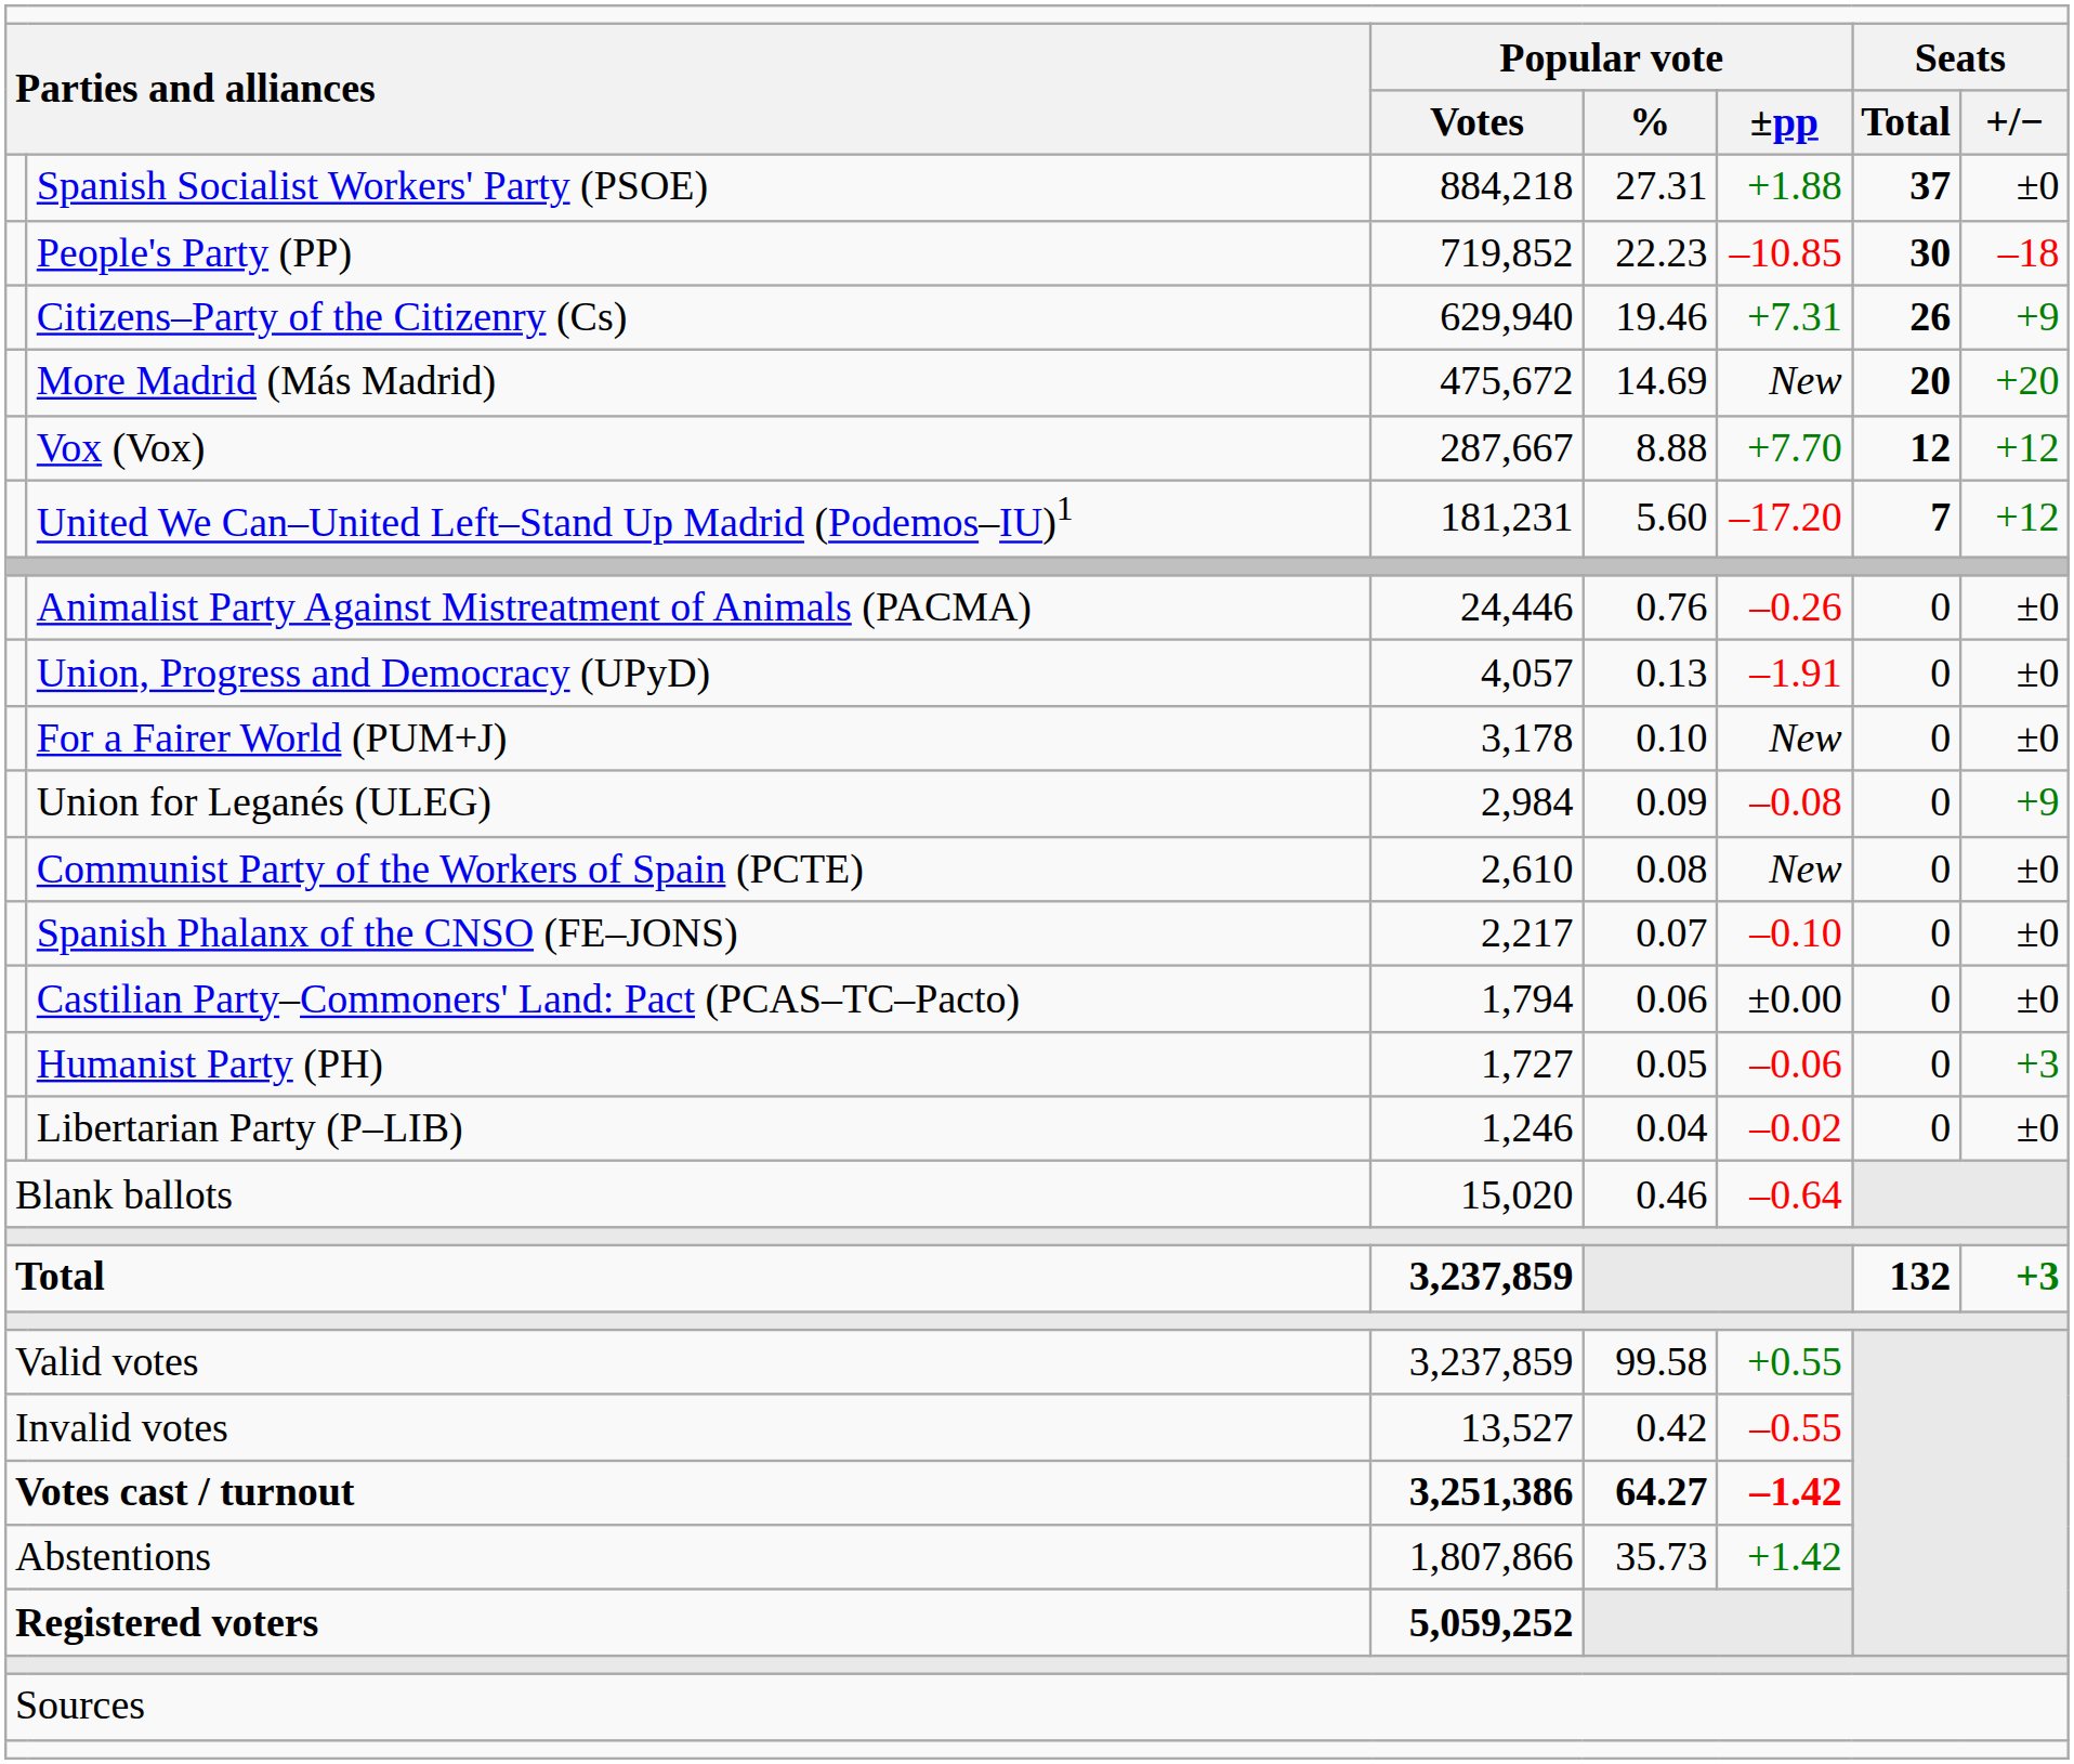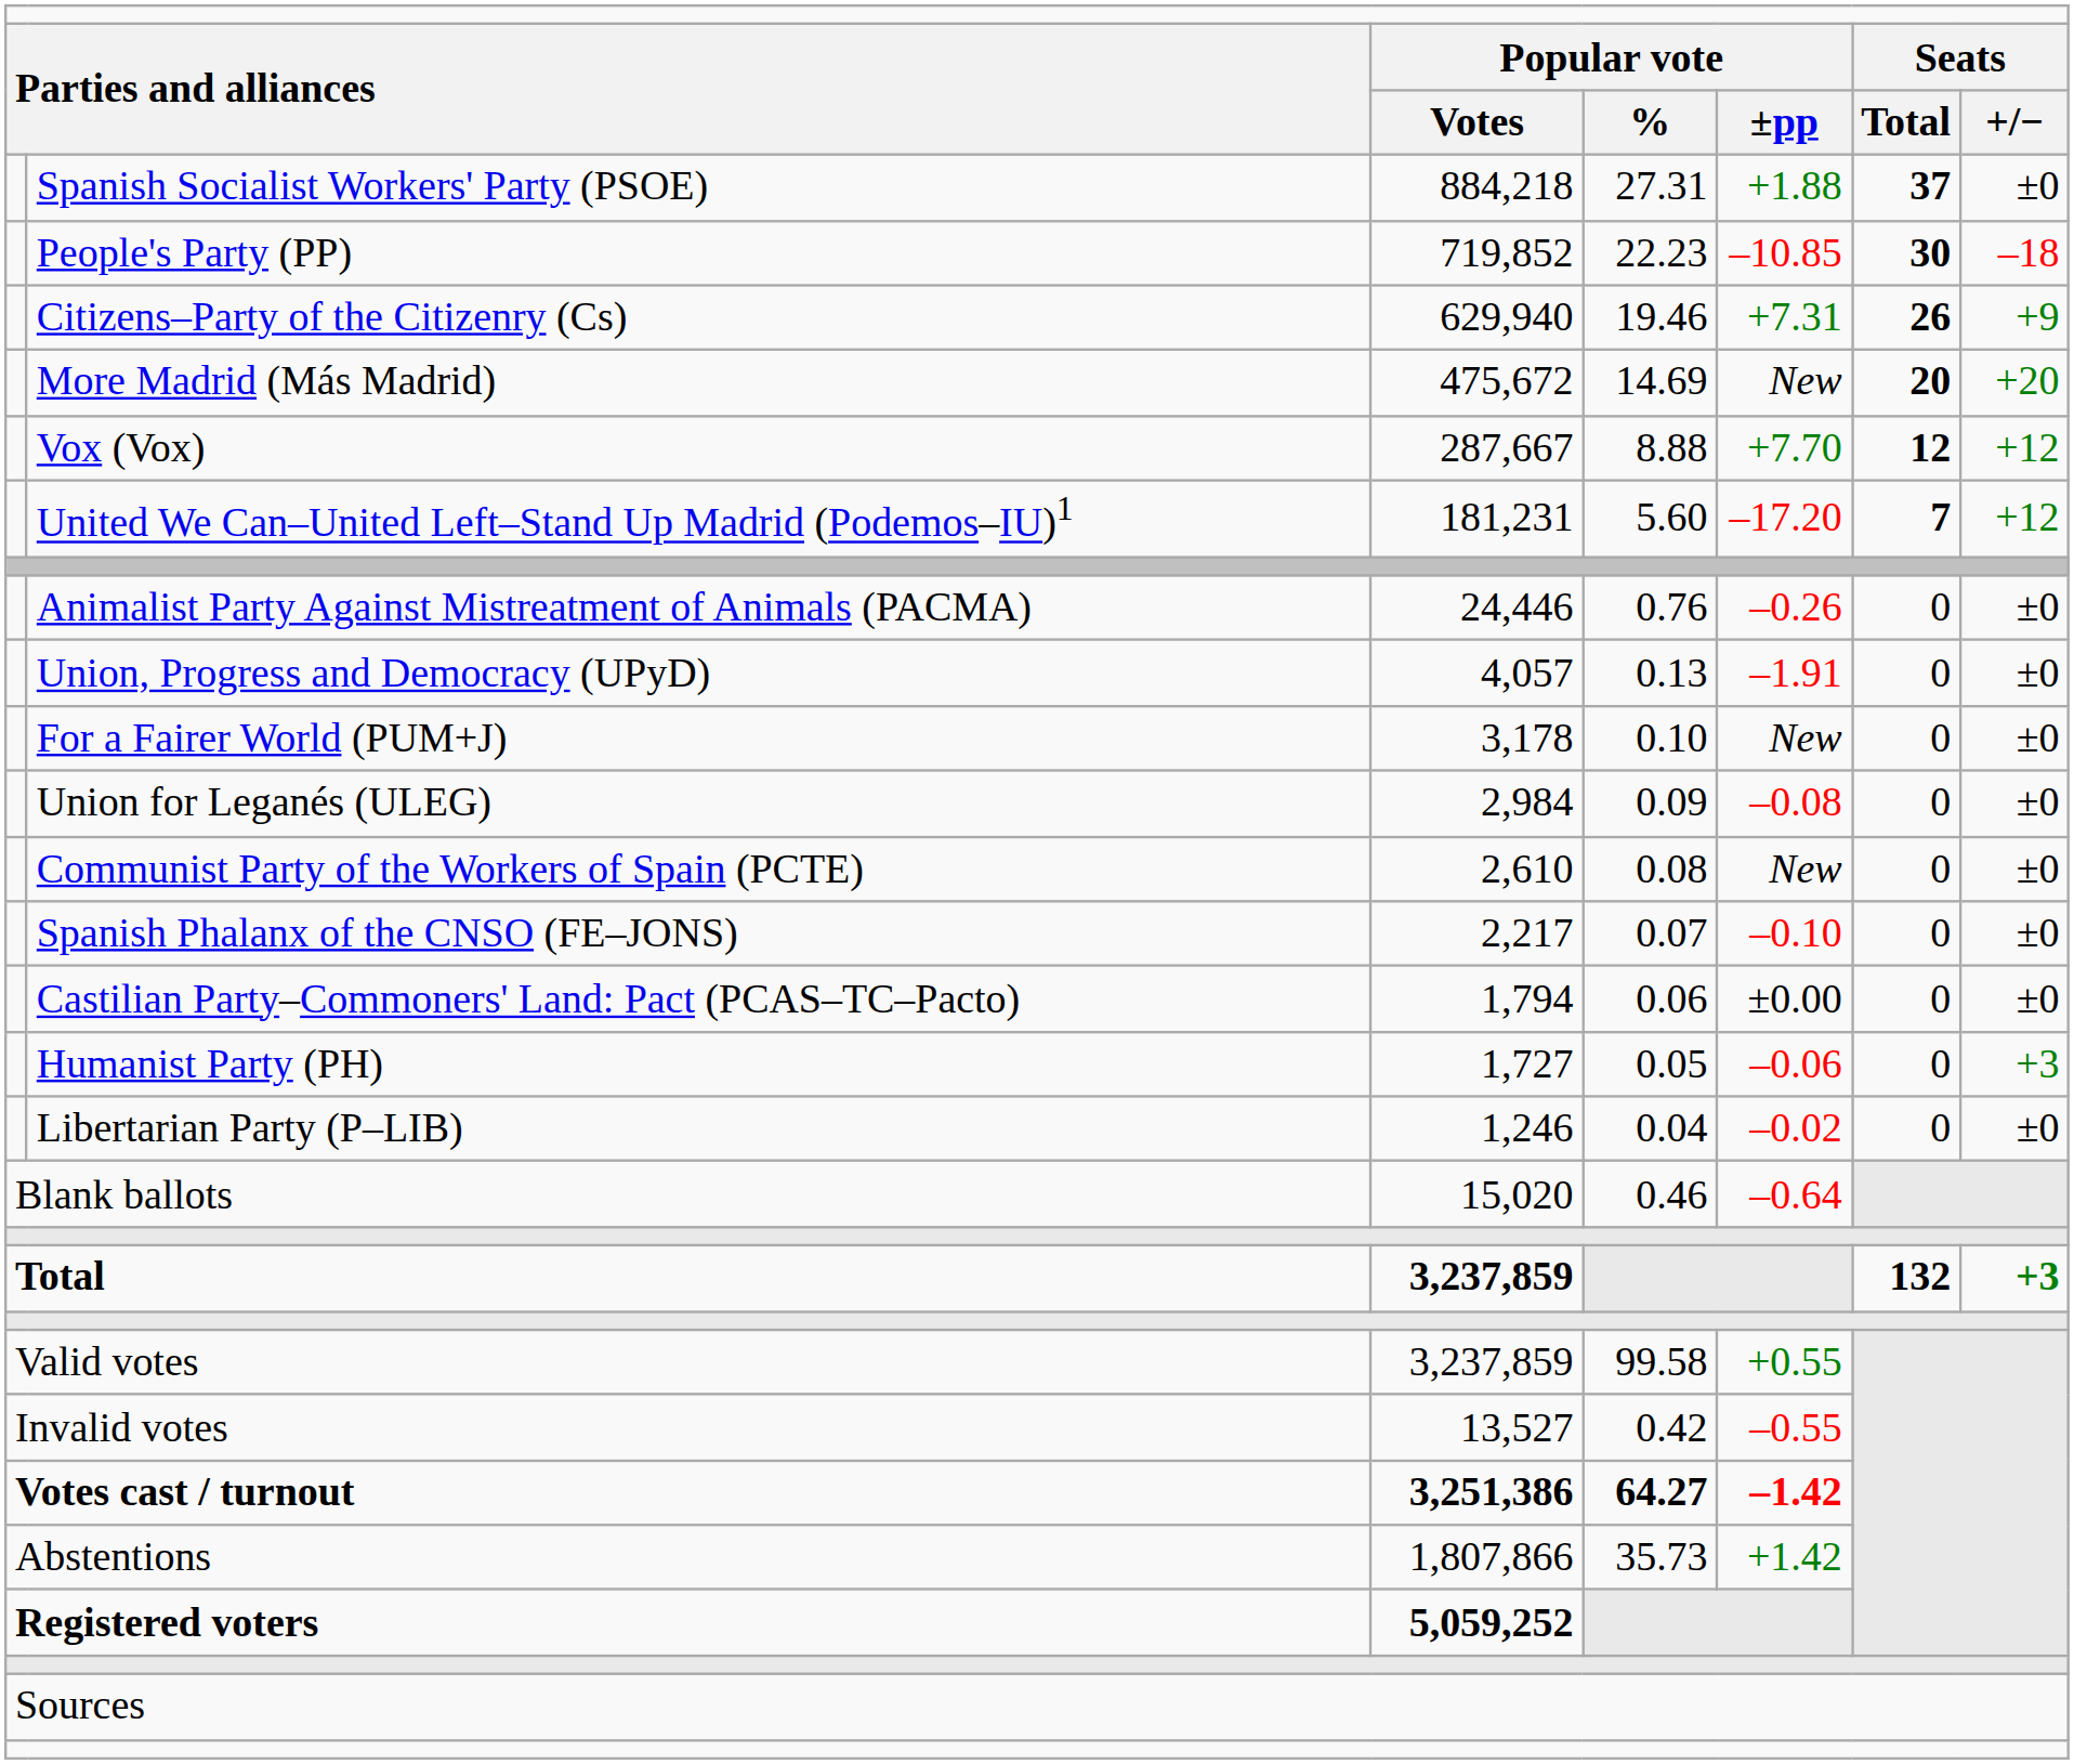 <table class="wikitable" style="text-align:right;">
 <tr>
 <td colspan="7"></td>
 </tr>
 <tr>
 <th style="text-align:left;" rowspan="2" colspan="2" width="525">Parties and alliances</th>
 <th colspan="3">Popular vote</th>
 <th colspan="2">Seats</th>
 </tr>
 <tr>
 <th width="75">Votes</th>
 <th width="45">%</th>
 <th width="45">±<a href='#'>pp</a></th>
 <th width="35">Total</th>
 <th width="35">+/−</th>
 </tr>
 <tr>
 <td width="1" style="color:inherit;background:"></td>
 <td align="left"><a href='#'>Spanish Socialist Workers' Party</a> (PSOE)</td>
 <td>884,218</td>
 <td>27.31</td>
 <td style="color:green;">+1.88</td>
 <td><strong>37</strong></td>
 <td>±0</td>
 </tr>
 <tr>
 <td style="color:inherit;background:"></td>
 <td align="left"><a href='#'>People's Party</a> (PP)</td>
 <td>719,852</td>
 <td>22.23</td>
 <td style="color:red;">–10.85</td>
 <td><strong>30</strong></td>
 <td style="color:red;">–18</td>
 </tr>
 <tr>
 <td style="color:inherit;background:"></td>
 <td align="left"><a href='#'>Citizens–Party of the Citizenry</a> (Cs)</td>
 <td>629,940</td>
 <td>19.46</td>
 <td style="color:green;">+7.31</td>
 <td><strong>26</strong></td>
 <td style="color:green;">+9</td>
 </tr>
 <tr>
 <td style="color:inherit;background:"></td>
 <td align="left"><a href='#'>More Madrid</a> (Más Madrid)</td>
 <td>475,672</td>
 <td>14.69</td>
 <td><em>New</em></td>
 <td><strong>20</strong></td>
 <td style="color:green;">+20</td>
 </tr>
 <tr>
 <td style="color:inherit;background:"></td>
 <td align="left"><a href='#'>Vox</a> (Vox)</td>
 <td>287,667</td>
 <td>8.88</td>
 <td style="color:green;">+7.70</td>
 <td><strong>12</strong></td>
 <td style="color:green;">+12</td>
 </tr>
 <tr>
 <td style="color:inherit;background:"></td>
 <td align="left"><a href='#'>United We Can–United Left–Stand Up Madrid</a> (<a href='#'>Podemos</a>–<a href='#'>IU</a>)<sup>1</sup></td>
 <td>181,231</td>
 <td>5.60</td>
 <td style="color:red;">–17.20</td>
 <td><strong>7</strong></td>
 <td style="color:green;">+12</td>
 </tr>
 <tr>
 <td colspan="7" bgcolor="#C0C0C0"></td>
 </tr>
 <tr>
 <td style="color:inherit;background:"></td>
 <td align="left"><a href='#'>Animalist Party Against Mistreatment of Animals</a> (PACMA)</td>
 <td>24,446</td>
 <td>0.76</td>
 <td style="color:red;">–0.26</td>
 <td>0</td>
 <td>±0</td>
 </tr>
 <tr>
 <td style="color:inherit;background:"></td>
 <td align="left"><a href='#'>Union, Progress and Democracy</a> (UPyD)</td>
 <td>4,057</td>
 <td>0.13</td>
 <td style="color:red;">–1.91</td>
 <td>0</td>
 <td>±0</td>
 </tr>
 <tr>
 <td style="color:inherit;background:"></td>
 <td align="left"><a href='#'>For a Fairer World</a> (PUM+J)</td>
 <td>3,178</td>
 <td>0.10</td>
 <td><em>New</em></td>
 <td>0</td>
 <td>±0</td>
 </tr>
 <tr>
 <td style="color:inherit;background:"></td>
 <td align="left">Union for Leganés (ULEG)</td>
 <td>2,984</td>
 <td>0.09</td>
 <td style="color:red;">–0.08</td>
 <td>0</td>
-<td style="color:green;">+9</td>
+<td>±0</td>
 </tr>
 <tr>
 <td style="color:inherit;background:"></td>
 <td align="left"><a href='#'>Communist Party of the Workers of Spain</a> (PCTE)</td>
 <td>2,610</td>
 <td>0.08</td>
 <td><em>New</em></td>
 <td>0</td>
 <td>±0</td>
 </tr>
 <tr>
 <td style="color:inherit;background:"></td>
 <td align="left"><a href='#'>Spanish Phalanx of the CNSO</a> (FE–JONS)</td>
 <td>2,217</td>
 <td>0.07</td>
 <td style="color:red;">–0.10</td>
 <td>0</td>
 <td>±0</td>
 </tr>
 <tr>
 <td style="color:inherit;background:"></td>
 <td align="left"><a href='#'>Castilian Party</a>–<a href='#'>Commoners' Land: Pact</a> (PCAS–TC–Pacto)</td>
 <td>1,794</td>
 <td>0.06</td>
 <td>±0.00</td>
 <td>0</td>
 <td>±0</td>
 </tr>
 <tr>
 <td style="color:inherit;background:"></td>
 <td align="left"><a href='#'>Humanist Party</a> (PH)</td>
 <td>1,727</td>
 <td>0.05</td>
 <td style="color:red;">–0.06</td>
 <td>0</td>
 <td style="color:green;">+3</td>
 </tr>
 <tr>
 <td style="color:inherit;background:"></td>
 <td align="left">Libertarian Party (P–LIB)</td>
 <td>1,246</td>
 <td>0.04</td>
 <td style="color:red;">–0.02</td>
 <td>0</td>
 <td>±0</td>
 </tr>
 <tr>
 <td align="left" colspan="2">Blank ballots</td>
 <td>15,020</td>
 <td>0.46</td>
 <td style="color:red;">–0.64</td>
 <td bgcolor="#E9E9E9" colspan="2"></td>
 </tr>
 <tr>
 <td colspan="7" bgcolor="#E9E9E9"></td>
 </tr>
 <tr style="font-weight:bold;">
 <td align="left" colspan="2">Total</td>
 <td>3,237,859</td>
 <td bgcolor="#E9E9E9" colspan="2"></td>
 <td>132</td>
 <td style="color:green;">+3</td>
 </tr>
 <tr>
 <td colspan="7" bgcolor="#E9E9E9"></td>
 </tr>
 <tr>
 <td align="left" colspan="2">Valid votes</td>
 <td>3,237,859</td>
 <td>99.58</td>
 <td style="color:green;">+0.55</td>
 <td bgcolor="#E9E9E9" colspan="2" rowspan="5"></td>
 </tr>
 <tr>
 <td align="left" colspan="2">Invalid votes</td>
 <td>13,527</td>
 <td>0.42</td>
 <td style="color:red;">–0.55</td>
 </tr>
 <tr style="font-weight:bold;">
 <td align="left" colspan="2">Votes cast / turnout</td>
 <td>3,251,386</td>
 <td>64.27</td>
 <td style="color:red;">–1.42</td>
 </tr>
 <tr>
 <td align="left" colspan="2">Abstentions</td>
 <td>1,807,866</td>
 <td>35.73</td>
 <td style="color:green;">+1.42</td>
 </tr>
 <tr style="font-weight:bold;">
 <td align="left" colspan="2">Registered voters</td>
 <td>5,059,252</td>
 <td bgcolor="#E9E9E9" colspan="2"></td>
 </tr>
 <tr>
 <td colspan="7" bgcolor="#E9E9E9"></td>
 </tr>
 <tr>
 <td align="left" colspan="7">Sources</td>
 </tr>
 <tr>
 <td colspan="7" style="text-align:left; max-width:790px;"></td>
 </tr>
 </table>
